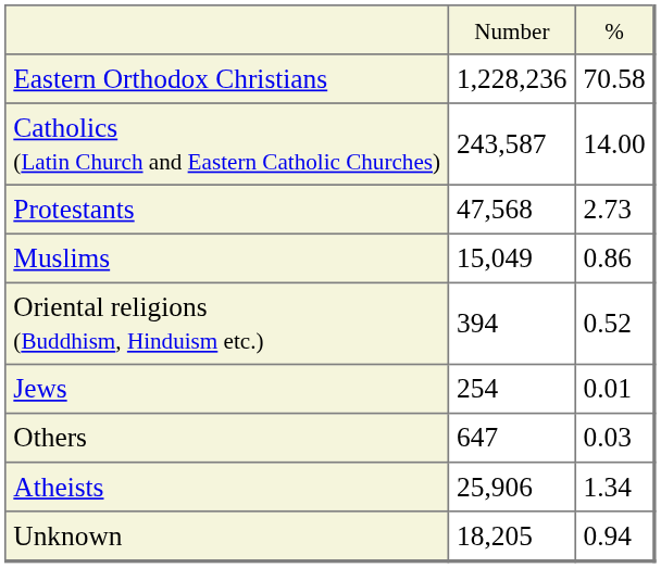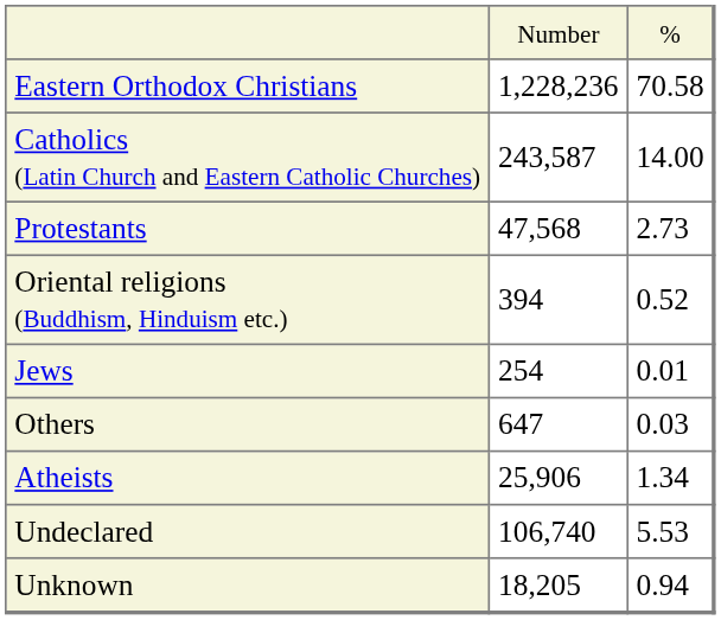 <table border="1" cellpadding="4" cellspacing="0" class="toccolours" style="align:left; margin:0.5em 0 0; border-style:solid; border:1px solid #7f7f7f; border-right-width:2px; border-bottom-width:2px; border-collapse:collapse; font-size:95%;">
 <tr style="background:beige;">
 <td style="background:beige;"></td>
 <td style="text-align:center;"><small>Number</small></td>
 <td style="text-align:center;"><small>%</small></td>
 </tr>
 <tr>
 <td style="background:beige;"><a href='#'>Eastern Orthodox Christians</a></td>
 <td>1,228,236</td>
 <td>70.58</td>
 </tr>
 <tr>
 <td style="background:beige;"><a href='#'>Catholics</a><br><small>(<a href='#'>Latin Church</a> and <a href='#'>Eastern Catholic Churches</a>)</small></td>
 <td>243,587</td>
 <td>14.00</td>
 </tr>
 <tr>
 <td style="background:beige;"><a href='#'>Protestants</a></td>
 <td>47,568</td>
 <td>2.73</td>
 </tr>
 <tr>
-<td style="background:beige;"><a href='#'>Muslims</a></td>
-<td>15,049</td>
-<td>0.86</td>
-</tr>
-<tr>
 <td style="background:beige;">Oriental religions<br><small>(<a href='#'>Buddhism</a>, <a href='#'>Hinduism</a> etc.)</small></td>
 <td>394</td>
 <td>0.52</td>
 </tr>
 <tr>
 <td style="background:beige;"><a href='#'>Jews</a></td>
 <td>254</td>
 <td>0.01</td>
 </tr>
 <tr>
 <td style="background:beige;">Others</td>
 <td>647</td>
 <td>0.03</td>
 </tr>
 <tr>
 <td style="background:beige;"><a href='#'>Atheists</a></td>
 <td>25,906</td>
 <td>1.34</td>
 </tr>
 <tr>
+<td style="background:beige;">Undeclared</td>
+<td>106,740</td>
+<td>5.53</td>
+</tr>
+<tr>
 <td style="background:beige;">Unknown</td>
 <td>18,205</td>
 <td>0.94</td>
 </tr>
 </table>
